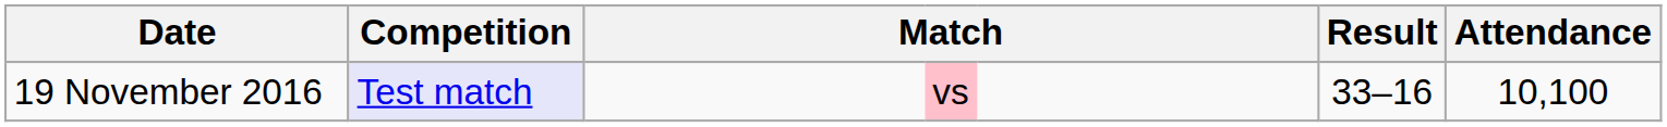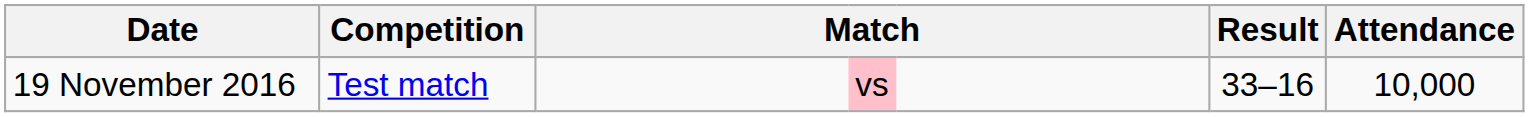 <table class="wikitable">
 <tr>
 <th style="width:9em;">Date</th>
 <th style="width:6em;">Competition</th>
 <th colspan=3>Match</th>
 <th>Result</th>
 <th>Attendance</th>
 </tr>
 <tr>
 <td>19 November 2016</td>
-<td style="background: lavender;"><a href='#'>Test match</a></td>
+<td><a href='#'>Test match</a></td>
 <td style="width:9em;text-align:right;border-right:0px;"></td>
 <td style="background: pink; border-left:0px;border-right:0px;">vs</td>
 <td style="width:9em;border-left:0px;"></td>
 <td style="text-align:center">33–16</td>
-<td style="text-align:center">10,100</td>
+<td style="text-align:center">10,000</td>
 </tr>
 </table>
